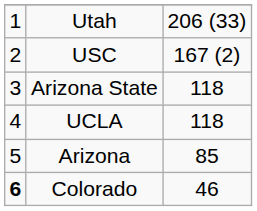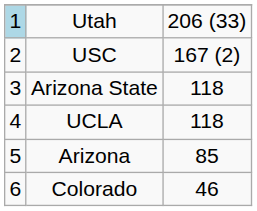 <table class="wikitable" style="display: inline-table;">
 <tr align="center">
 </tr>
 <tr align="center">
-<td>1</td>
+<td style="background: lightblue;">1</td>
 <td>Utah</td>
 <td>206 (33)</td>
 </tr>
 <tr align="center">
 <td>2</td>
 <td>USC</td>
 <td>167 (2)</td>
 </tr>
 <tr align="center">
 <td>3</td>
 <td>Arizona State</td>
 <td>118</td>
 </tr>
 <tr align="center">
 <td>4</td>
 <td>UCLA</td>
 <td>118</td>
 </tr>
 <tr align="center">
 <td>5</td>
 <td>Arizona</td>
 <td>85</td>
 </tr>
 <tr align="center">
-<td><strong>6</strong></td>
+<td>6</td>
 <td>Colorado</td>
 <td>46</td>
 </tr>
 </table>
